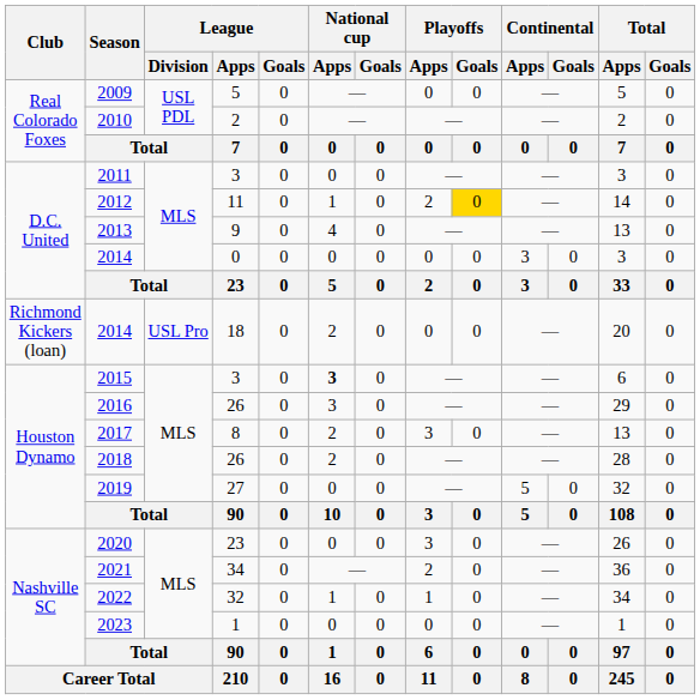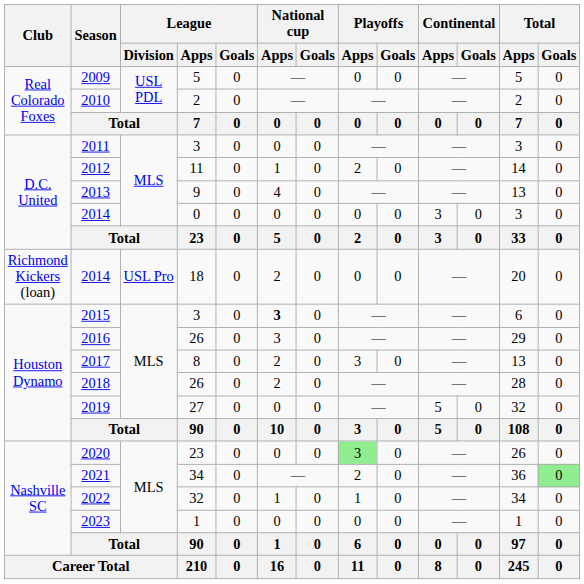 <table class="wikitable" style="text-align:center">
 <tr>
 <th rowspan="2">Club</th>
 <th rowspan="2">Season</th>
 <th colspan="3">League</th>
 <th colspan="2">National cup</th>
 <th colspan="2">Playoffs</th>
 <th colspan="2">Continental</th>
 <th colspan="2">Total</th>
 </tr>
 <tr>
 <th>Division</th>
 <th>Apps</th>
 <th>Goals</th>
 <th>Apps</th>
 <th>Goals</th>
 <th>Apps</th>
 <th>Goals</th>
 <th>Apps</th>
 <th>Goals</th>
 <th>Apps</th>
 <th>Goals</th>
 </tr>
 <tr>
 <td rowspan="3"><a href='#'>Real Colorado Foxes</a></td>
 <td><a href='#'>2009</a></td>
 <td rowspan="2"><a href='#'>USL PDL</a></td>
 <td>5</td>
 <td>0</td>
 <td colspan="2">—</td>
 <td>0</td>
 <td>0</td>
 <td colspan="2">—</td>
 <td>5</td>
 <td>0</td>
 </tr>
 <tr>
 <td><a href='#'>2010</a></td>
 <td>2</td>
 <td>0</td>
 <td colspan="2">—</td>
 <td colspan="2">—</td>
 <td colspan="2">—</td>
 <td>2</td>
 <td>0</td>
 </tr>
 <tr>
 <th colspan="2">Total</th>
 <th>7</th>
 <th>0</th>
 <th>0</th>
 <th>0</th>
 <th>0</th>
 <th>0</th>
 <th>0</th>
 <th>0</th>
 <th>7</th>
 <th>0</th>
 </tr>
 <tr>
 <td rowspan="5"><a href='#'>D.C. United</a></td>
 <td><a href='#'>2011</a></td>
 <td rowspan="4"><a href='#'>MLS</a></td>
 <td>3</td>
 <td>0</td>
 <td>0</td>
 <td>0</td>
 <td colspan="2">—</td>
 <td colspan="2">—</td>
 <td>3</td>
 <td>0</td>
 </tr>
 <tr>
 <td><a href='#'>2012</a></td>
 <td>11</td>
 <td>0</td>
 <td>1</td>
 <td>0</td>
 <td>2</td>
-<td style="background: gold;">0</td>
+<td>0</td>
 <td colspan="2">—</td>
 <td>14</td>
 <td>0</td>
 </tr>
 <tr>
 <td><a href='#'>2013</a></td>
 <td>9</td>
 <td>0</td>
 <td>4</td>
 <td>0</td>
 <td colspan="2">—</td>
 <td colspan="2">—</td>
 <td>13</td>
 <td>0</td>
 </tr>
 <tr>
 <td><a href='#'>2014</a></td>
 <td>0</td>
 <td>0</td>
 <td>0</td>
 <td>0</td>
 <td>0</td>
 <td>0</td>
 <td>3</td>
 <td>0</td>
 <td>3</td>
 <td>0</td>
 </tr>
 <tr>
 <th colspan="2">Total</th>
 <th>23</th>
 <th>0</th>
 <th>5</th>
 <th>0</th>
 <th>2</th>
 <th>0</th>
 <th>3</th>
 <th>0</th>
 <th>33</th>
 <th>0</th>
 </tr>
 <tr>
 <td><a href='#'>Richmond Kickers</a> (loan)</td>
 <td><a href='#'>2014</a></td>
 <td><a href='#'>USL Pro</a></td>
 <td>18</td>
 <td>0</td>
 <td>2</td>
 <td>0</td>
 <td>0</td>
 <td>0</td>
 <td colspan="2">—</td>
 <td>20</td>
 <td>0</td>
 </tr>
 <tr>
 <td rowspan="6"><a href='#'>Houston Dynamo</a></td>
 <td><a href='#'>2015</a></td>
 <td rowspan="5">MLS</td>
 <td>3</td>
 <td>0</td>
 <td><strong>3</strong></td>
 <td>0</td>
 <td colspan="2">—</td>
 <td colspan="2">—</td>
 <td>6</td>
 <td>0</td>
 </tr>
 <tr>
 <td><a href='#'>2016</a></td>
 <td>26</td>
 <td>0</td>
 <td>3</td>
 <td>0</td>
 <td colspan="2">—</td>
 <td colspan="2">—</td>
 <td>29</td>
 <td>0</td>
 </tr>
 <tr>
 <td><a href='#'>2017</a></td>
 <td>8</td>
 <td>0</td>
 <td>2</td>
 <td>0</td>
 <td>3</td>
 <td>0</td>
 <td colspan="2">—</td>
 <td>13</td>
 <td>0</td>
 </tr>
 <tr>
 <td><a href='#'>2018</a></td>
 <td>26</td>
 <td>0</td>
 <td>2</td>
 <td>0</td>
 <td colspan="2">—</td>
 <td colspan="2">—</td>
 <td>28</td>
 <td>0</td>
 </tr>
 <tr>
 <td><a href='#'>2019</a></td>
 <td>27</td>
 <td>0</td>
 <td>0</td>
 <td>0</td>
 <td colspan="2">—</td>
 <td>5</td>
 <td>0</td>
 <td>32</td>
 <td>0</td>
 </tr>
 <tr>
 <th colspan="2">Total</th>
 <th>90</th>
 <th>0</th>
 <th>10</th>
 <th>0</th>
 <th>3</th>
 <th>0</th>
 <th>5</th>
 <th>0</th>
 <th>108</th>
 <th>0</th>
 </tr>
 <tr>
 <td rowspan="5"><a href='#'>Nashville SC</a></td>
 <td><a href='#'>2020</a></td>
 <td rowspan="4">MLS</td>
 <td>23</td>
 <td>0</td>
 <td>0</td>
 <td>0</td>
-<td>3</td>
+<td style="background: lightgreen;">3</td>
 <td>0</td>
 <td colspan="2">—</td>
 <td>26</td>
 <td>0</td>
 </tr>
 <tr>
 <td><a href='#'>2021</a></td>
 <td>34</td>
 <td>0</td>
 <td colspan="2">—</td>
 <td>2</td>
 <td>0</td>
 <td colspan="2">—</td>
 <td>36</td>
-<td>0</td>
+<td style="background: lightgreen;">0</td>
 </tr>
 <tr>
 <td><a href='#'>2022</a></td>
 <td>32</td>
 <td>0</td>
 <td>1</td>
 <td>0</td>
 <td>1</td>
 <td>0</td>
 <td colspan="2">—</td>
 <td>34</td>
 <td>0</td>
 </tr>
 <tr>
 <td><a href='#'>2023</a></td>
 <td>1</td>
 <td>0</td>
 <td>0</td>
 <td>0</td>
 <td>0</td>
 <td>0</td>
 <td colspan="2">—</td>
 <td>1</td>
 <td>0</td>
 </tr>
 <tr>
 <th colspan="2">Total</th>
 <th>90</th>
 <th>0</th>
 <th>1</th>
 <th>0</th>
 <th>6</th>
 <th>0</th>
 <th>0</th>
 <th>0</th>
 <th>97</th>
 <th>0</th>
 </tr>
 <tr>
 <th colspan="3">Career Total</th>
 <th>210</th>
 <th>0</th>
 <th>16</th>
 <th>0</th>
 <th>11</th>
 <th>0</th>
 <th>8</th>
 <th>0</th>
 <th>245</th>
 <th>0</th>
 </tr>
 </table>
